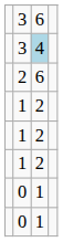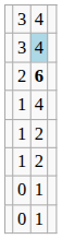 <table class="wikitable">
 <tr align=center>
 </tr>
 <tr align=center>
 <td><a href='#'></a></td>
 <td>3</td>
-<td>6</td>
+<td>4</td>
 <td></td>
 </tr>
 <tr align=center>
 <td><a href='#'></a></td>
 <td>3</td>
 <td style="background: lightblue;">4</td>
 <td></td>
 </tr>
 <tr align=center>
 <td><a href='#'></a></td>
 <td>2</td>
-<td>6</td>
+<td><strong>6</strong></td>
 <td></td>
 </tr>
 <tr align=center>
 <td><a href='#'></a></td>
 <td>1</td>
-<td>2</td>
+<td>4</td>
 <td></td>
 </tr>
 <tr align=center>
 <td><a href='#'></a></td>
 <td>1</td>
 <td>2</td>
 <td></td>
 </tr>
 <tr align=center>
 <td><a href='#'></a></td>
 <td>1</td>
 <td>2</td>
 <td></td>
 </tr>
 <tr align=center>
 <td><a href='#'></a></td>
 <td>0</td>
 <td>1</td>
 <td></td>
 </tr>
 <tr align=center>
 <td><a href='#'></a></td>
 <td>0</td>
 <td>1</td>
 <td></td>
 </tr>
 </table>
